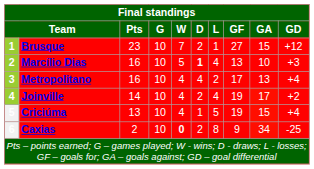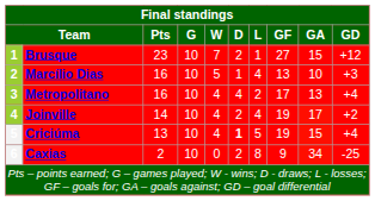 <table class="wikitable" style="text-align:center; color:white; background:#ff0000">
 <tr>
 <th style="background:#006400" colspan="10">Final standings</th>
 </tr>
 <tr>
 <th style="background:#006400" colspan="2">Team</th>
 <th style="background:#006400">Pts</th>
 <th style="background:#006400">G</th>
 <th style="background:#006400">W</th>
 <th style="background:#006400">D</th>
 <th style="background:#006400">L</th>
 <th style="background:#006400">GF</th>
 <th style="background:#006400">GA</th>
 <th style="background:#006400">GD</th>
 </tr>
 <tr>
 <th style="background:#9ACD32">1</th>
 <td align="left"><a href='#'><span><strong>Brusque</strong></span></a></td>
 <td bgcolor=#ff0000 align="center"><span>23</span></td>
 <td bgcolor=#ff0000 align="center"><span>10</span></td>
 <td bgcolor=#ff0000 align="center"><span>7</span></td>
 <td bgcolor=#ff0000 align="center"><span>2</span></td>
 <td bgcolor=#ff0000 align="center"><span>1</span></td>
 <td bgcolor=#ff0000 align="center"><span>27</span></td>
 <td bgcolor=#ff0000 align="center"><span>15</span></td>
 <td bgcolor=#ff0000 align="center"><span>+12</span></td>
 </tr>
 <tr>
 <th style="background:#9ACD32">2</th>
 <td align="left"><a href='#'><span><strong>Marcílio Dias</strong></span></a></td>
 <td bgcolor=#ff0000 align="center"><span>16</span></td>
 <td bgcolor=#ff0000 align="center"><span>10</span></td>
 <td bgcolor=#ff0000 align="center"><span>5</span></td>
-<td bgcolor=#ff0000 align="center"><strong><span>1</span></strong></td>
+<td bgcolor=#ff0000 align="center"><span>1</span></td>
 <td bgcolor=#ff0000 align="center"><span>4</span></td>
 <td bgcolor=#ff0000 align="center"><span>13</span></td>
 <td bgcolor=#ff0000 align="center"><span>10</span></td>
 <td bgcolor=#ff0000 align="center"><span>+3</span></td>
 </tr>
 <tr>
 <th style="background:#9ACD32">3</th>
 <td align="left"><a href='#'><span> <strong>Metropolitano</strong></span></a></td>
 <td bgcolor=#ff0000 align="center"><span>16</span></td>
 <td bgcolor=#ff0000 align="center"><span>10</span></td>
 <td bgcolor=#ff0000 align="center"><span>4</span></td>
 <td bgcolor=#ff0000 align="center"><span>4</span></td>
 <td bgcolor=#ff0000 align="center"><span>2</span></td>
 <td bgcolor=#ff0000 align="center"><span>17</span></td>
 <td bgcolor=#ff0000 align="center"><span>13</span></td>
 <td bgcolor=#ff0000 align="center"><span>+4</span></td>
 </tr>
 <tr>
 <th style="background:#9ACD32">4</th>
 <td align="left"><a href='#'><span><strong>Joinville</strong></span></a></td>
 <td bgcolor=#ff0000 align="center"><span>14</span></td>
 <td bgcolor=#ff0000 align="center"><span>10</span></td>
 <td bgcolor=#ff0000 align="center"><span>4</span></td>
 <td bgcolor=#ff0000 align="center"><span>2</span></td>
 <td bgcolor=#ff0000 align="center"><span>4</span></td>
 <td bgcolor=#ff0000 align="center"><span>19</span></td>
 <td bgcolor=#ff0E00 align="center"><span>17</span></td>
 <td bgcolor=#ff0000 align="center"><span>+2</span></td>
 </tr>
 <tr>
 <th>5</th>
 <td align="left"><a href='#'><span><strong>Criciúma</strong></span></a></td>
 <td bgcolor=#ff0000 align="center"><span>13</span></td>
 <td bgcolor=#ff0000 align="center"><span>10</span></td>
 <td bgcolor=#ff0000 align="center"><span>4</span></td>
-<td bgcolor=#ff0000 align="center"><span>1</span></td>
+<td bgcolor=#ff0000 align="center"><strong><span>1</span></strong></td>
 <td bgcolor=#ff0000 align="center"><span>5</span></td>
 <td bgcolor=#ff0000 align="center"><span>19</span></td>
 <td bgcolor=#ff0E00 align="center"><span>15</span></td>
 <td bgcolor=#ff0000 align="center"><span>+4</span></td>
 </tr>
 <tr>
 <th>6</th>
 <td align="left"><a href='#'><span> <strong>Caxias</strong></span></a></td>
 <td bgcolor=#ff0000 align="center"><span>2</span></td>
 <td bgcolor=#ff0000 align="center"><span>10</span></td>
-<td bgcolor=#ff0000 align="center"><strong><span>0</span></strong></td>
+<td bgcolor=#ff0000 align="center"><span>0</span></td>
 <td bgcolor=#ff0000 align="center"><span>2</span></td>
 <td bgcolor=#ff0000 align="center"><span>8</span></td>
 <td bgcolor=#ff0000 align="center"><span>9</span></td>
 <td bgcolor=#ff0E00 align="center"><span>34</span></td>
 <td bgcolor=#ff0000 align="center"><span>-25</span></td>
 </tr>
 <tr>
 <td colspan="10" style="background:#006400; font-size:90%; font-style:italic">Pts – points earned; G – games played; W - wins; D - draws; L - losses;<br>GF – goals for; GA – goals against; GD – goal differential</td>
 </tr>
 </table>
